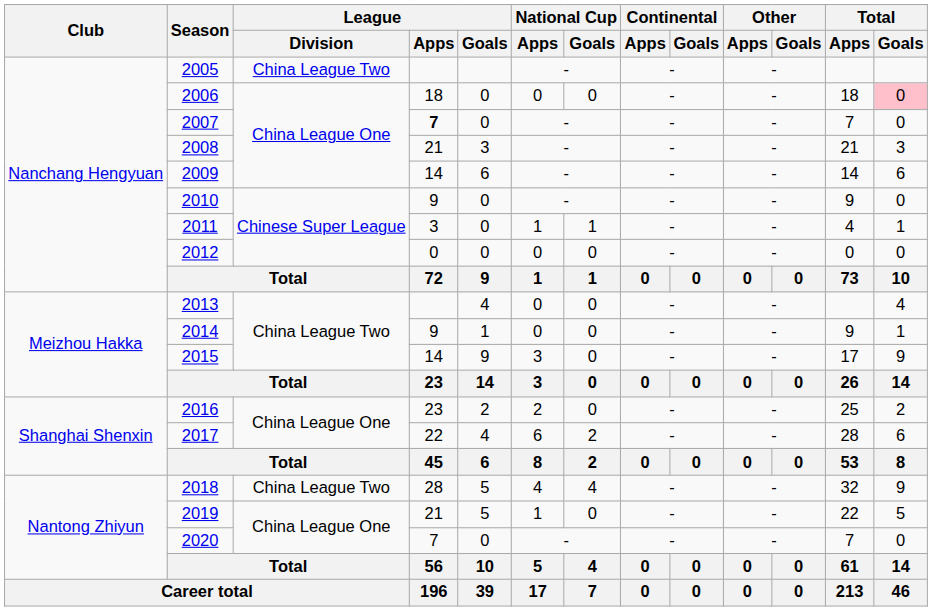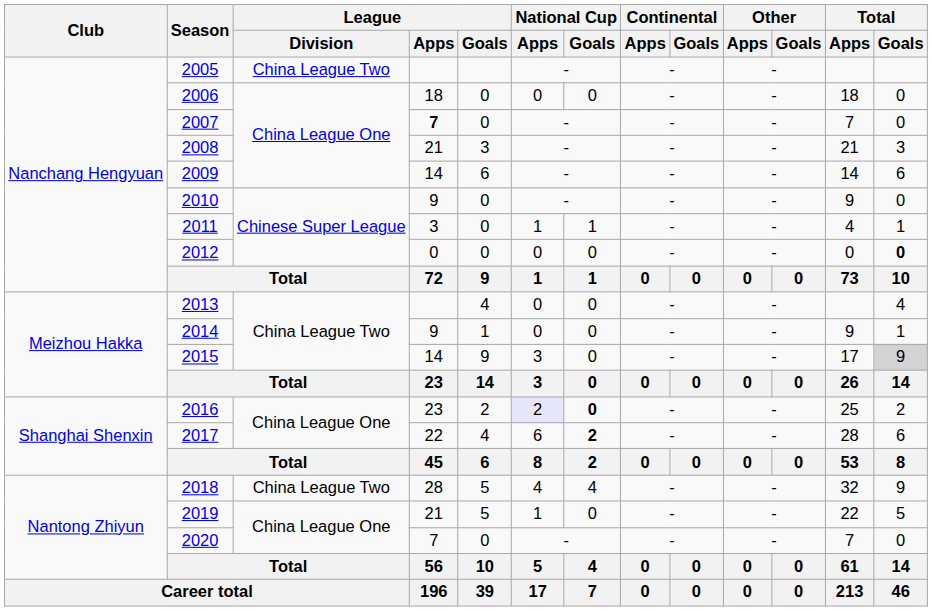 <table class="wikitable" style="text-align: center">
 <tr>
 <th rowspan="2">Club</th>
 <th rowspan="2">Season</th>
 <th colspan="3">League</th>
 <th colspan="2">National Cup</th>
 <th colspan="2">Continental</th>
 <th colspan="2">Other</th>
 <th colspan="2">Total</th>
 </tr>
 <tr>
 <th>Division</th>
 <th>Apps</th>
 <th>Goals</th>
 <th>Apps</th>
 <th>Goals</th>
 <th>Apps</th>
 <th>Goals</th>
 <th>Apps</th>
 <th>Goals</th>
 <th>Apps</th>
 <th>Goals</th>
 </tr>
 <tr>
 <td rowspan=9><a href='#'>Nanchang Hengyuan</a></td>
 <td><a href='#'>2005</a></td>
 <td><a href='#'>China League Two</a></td>
 <td></td>
 <td></td>
 <td colspan="2">-</td>
 <td colspan="2">-</td>
 <td colspan="2">-</td>
 <td></td>
 <td></td>
 </tr>
 <tr>
 <td><a href='#'>2006</a></td>
 <td rowspan="4"><a href='#'>China League One</a></td>
 <td>18</td>
 <td>0</td>
 <td>0</td>
 <td>0</td>
 <td colspan="2">-</td>
 <td colspan="2">-</td>
 <td>18</td>
-<td style="background: pink;">0</td>
+<td>0</td>
 </tr>
 <tr>
 <td><a href='#'>2007</a></td>
 <td><strong>7</strong></td>
 <td>0</td>
 <td colspan="2">-</td>
 <td colspan="2">-</td>
 <td colspan="2">-</td>
 <td>7</td>
 <td>0</td>
 </tr>
 <tr>
 <td><a href='#'>2008</a></td>
 <td>21</td>
 <td>3</td>
 <td colspan="2">-</td>
 <td colspan="2">-</td>
 <td colspan="2">-</td>
 <td>21</td>
 <td>3</td>
 </tr>
 <tr>
 <td><a href='#'>2009</a></td>
 <td>14</td>
 <td>6</td>
 <td colspan="2">-</td>
 <td colspan="2">-</td>
 <td colspan="2">-</td>
 <td>14</td>
 <td>6</td>
 </tr>
 <tr>
 <td><a href='#'>2010</a></td>
 <td rowspan="3"><a href='#'>Chinese Super League</a></td>
 <td>9</td>
 <td>0</td>
 <td colspan="2">-</td>
 <td colspan="2">-</td>
 <td colspan="2">-</td>
 <td>9</td>
 <td>0</td>
 </tr>
 <tr>
 <td><a href='#'>2011</a></td>
 <td>3</td>
 <td>0</td>
 <td>1</td>
 <td>1</td>
 <td colspan="2">-</td>
 <td colspan="2">-</td>
 <td>4</td>
 <td>1</td>
 </tr>
 <tr>
 <td><a href='#'>2012</a></td>
 <td>0</td>
 <td>0</td>
 <td>0</td>
 <td>0</td>
 <td colspan="2">-</td>
 <td colspan="2">-</td>
 <td>0</td>
-<td>0</td>
+<td><strong>0</strong></td>
 </tr>
 <tr>
 <th colspan="2">Total</th>
 <th>72</th>
 <th>9</th>
 <th>1</th>
 <th>1</th>
 <th>0</th>
 <th>0</th>
 <th>0</th>
 <th>0</th>
 <th>73</th>
 <th>10</th>
 </tr>
 <tr>
 <td rowspan=4><a href='#'>Meizhou Hakka</a></td>
 <td><a href='#'>2013</a></td>
 <td rowspan="3">China League Two</td>
 <td></td>
 <td>4</td>
 <td>0</td>
 <td>0</td>
 <td colspan="2">-</td>
 <td colspan="2">-</td>
 <td></td>
 <td>4</td>
 </tr>
 <tr>
 <td><a href='#'>2014</a></td>
 <td>9</td>
 <td>1</td>
 <td>0</td>
 <td>0</td>
 <td colspan="2">-</td>
 <td colspan="2">-</td>
 <td>9</td>
 <td>1</td>
 </tr>
 <tr>
 <td><a href='#'>2015</a></td>
 <td>14</td>
 <td>9</td>
 <td>3</td>
 <td>0</td>
 <td colspan="2">-</td>
 <td colspan="2">-</td>
 <td>17</td>
-<td>9</td>
+<td style="background: lightgrey;">9</td>
 </tr>
 <tr>
 <th colspan="2">Total</th>
 <th>23</th>
 <th>14</th>
 <th>3</th>
 <th>0</th>
 <th>0</th>
 <th>0</th>
 <th>0</th>
 <th>0</th>
 <th>26</th>
 <th>14</th>
 </tr>
 <tr>
 <td rowspan=3><a href='#'>Shanghai Shenxin</a></td>
 <td><a href='#'>2016</a></td>
 <td rowspan="2">China League One</td>
 <td>23</td>
 <td>2</td>
-<td>2</td>
-<td>0</td>
+<td style="background: lavender;">2</td>
+<td><strong>0</strong></td>
 <td colspan="2">-</td>
 <td colspan="2">-</td>
 <td>25</td>
 <td>2</td>
 </tr>
 <tr>
 <td><a href='#'>2017</a></td>
 <td>22</td>
 <td>4</td>
 <td>6</td>
-<td>2</td>
+<td><strong>2</strong></td>
 <td colspan="2">-</td>
 <td colspan="2">-</td>
 <td>28</td>
 <td>6</td>
 </tr>
 <tr>
 <th colspan="2">Total</th>
 <th>45</th>
 <th>6</th>
 <th>8</th>
 <th>2</th>
 <th>0</th>
 <th>0</th>
 <th>0</th>
 <th>0</th>
 <th>53</th>
 <th>8</th>
 </tr>
 <tr>
 <td rowspan=4><a href='#'>Nantong Zhiyun</a></td>
 <td><a href='#'>2018</a></td>
 <td>China League Two</td>
 <td>28</td>
 <td>5</td>
 <td>4</td>
 <td>4</td>
 <td colspan="2">-</td>
 <td colspan="2">-</td>
 <td>32</td>
 <td>9</td>
 </tr>
 <tr>
 <td><a href='#'>2019</a></td>
 <td rowspan=2>China League One</td>
 <td>21</td>
 <td>5</td>
 <td>1</td>
 <td>0</td>
 <td colspan="2">-</td>
 <td colspan="2">-</td>
 <td>22</td>
 <td>5</td>
 </tr>
 <tr>
 <td><a href='#'>2020</a></td>
 <td>7</td>
 <td>0</td>
 <td colspan="2">-</td>
 <td colspan="2">-</td>
 <td colspan="2">-</td>
 <td>7</td>
 <td>0</td>
 </tr>
 <tr>
 <th colspan="2">Total</th>
 <th>56</th>
 <th>10</th>
 <th>5</th>
 <th>4</th>
 <th>0</th>
 <th>0</th>
 <th>0</th>
 <th>0</th>
 <th>61</th>
 <th>14</th>
 </tr>
 <tr>
 <th colspan=3>Career total</th>
 <th>196</th>
 <th>39</th>
 <th>17</th>
 <th>7</th>
 <th>0</th>
 <th>0</th>
 <th>0</th>
 <th>0</th>
 <th>213</th>
 <th>46</th>
 </tr>
 </table>
